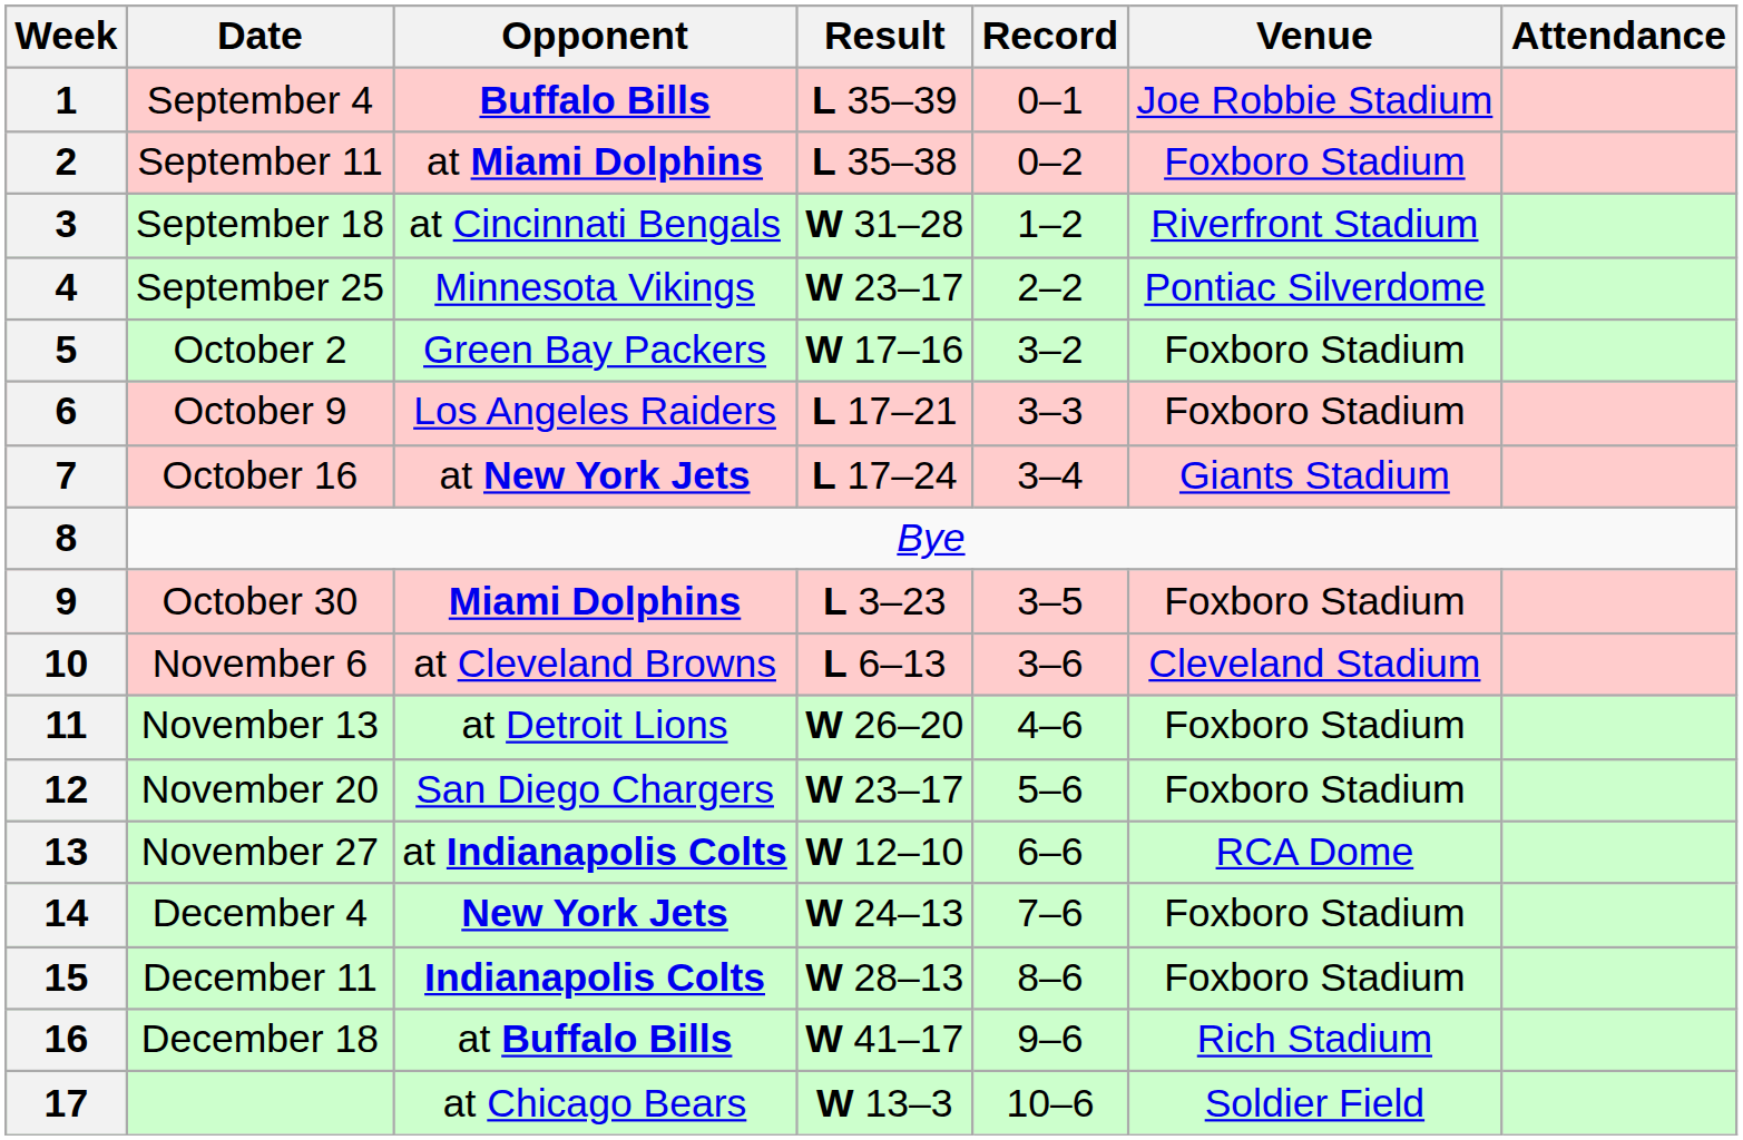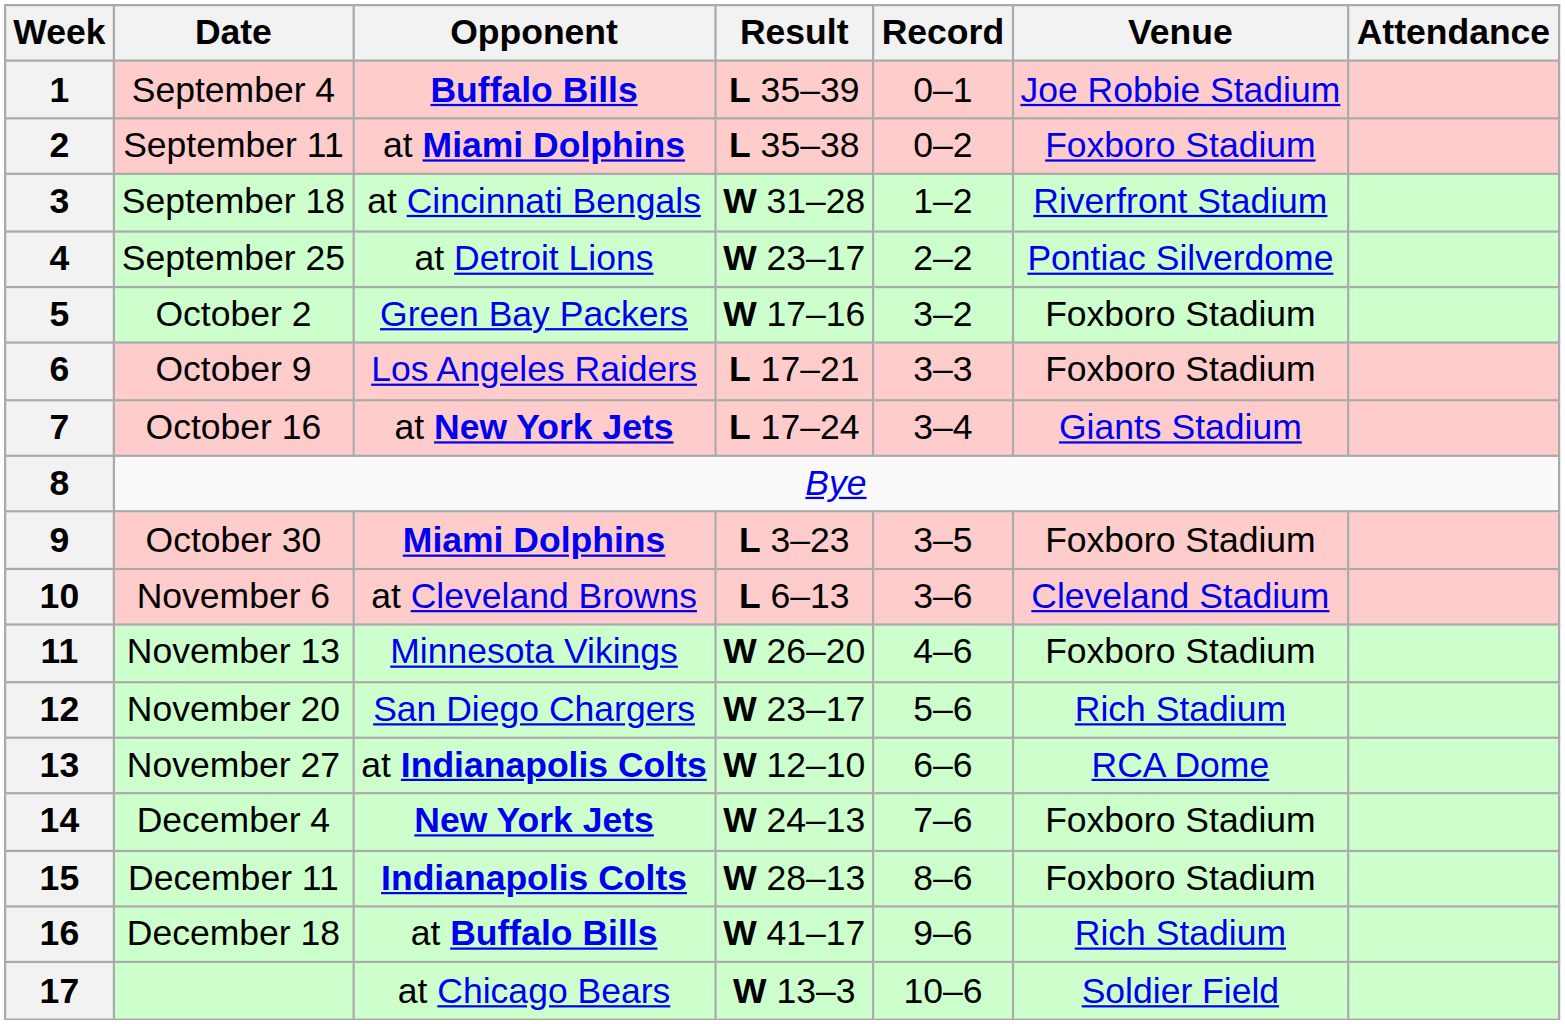 <table class="wikitable" style="text-align:center">
 <tr>
 <th>Week</th>
 <th>Date</th>
 <th>Opponent</th>
 <th>Result</th>
 <th>Record</th>
 <th>Venue</th>
 <th>Attendance</th>
 </tr>
 <tr style="background:#fcc">
 <th>1</th>
 <td>September 4</td>
 <td><strong><a href='#'>Buffalo Bills</a></strong></td>
 <td><strong>L</strong> 35–39</td>
 <td>0–1</td>
 <td><a href='#'>Joe Robbie Stadium</a></td>
 <td></td>
 </tr>
 <tr style="background: #fcc;">
 <th>2</th>
 <td>September 11</td>
 <td>at <strong><a href='#'>Miami Dolphins</a></strong></td>
 <td><strong>L</strong> 35–38</td>
 <td>0–2</td>
 <td><a href='#'>Foxboro Stadium</a></td>
 <td></td>
 </tr>
 <tr style="background: #cfc;">
 <th>3</th>
 <td>September 18</td>
 <td>at <a href='#'>Cincinnati Bengals</a></td>
 <td><strong>W</strong> 31–28</td>
 <td>1–2</td>
 <td><a href='#'>Riverfront Stadium</a></td>
 <td></td>
 </tr>
 <tr style="background: #cfc;">
 <th>4</th>
 <td>September 25</td>
-<td><a href='#'>Minnesota Vikings</a></td>
+<td>at <a href='#'>Detroit Lions</a></td>
 <td><strong>W</strong> 23–17</td>
 <td>2–2</td>
 <td><a href='#'>Pontiac Silverdome</a></td>
 <td></td>
 </tr>
 <tr style="background: #cfc;">
 <th>5</th>
 <td>October 2</td>
 <td><a href='#'>Green Bay Packers</a></td>
 <td><strong>W</strong> 17–16</td>
 <td>3–2</td>
 <td>Foxboro Stadium</td>
 <td></td>
 </tr>
 <tr style="background: #fcc;">
 <th>6</th>
 <td>October 9</td>
 <td><a href='#'>Los Angeles Raiders</a></td>
 <td><strong>L</strong> 17–21</td>
 <td>3–3</td>
 <td>Foxboro Stadium</td>
 <td></td>
 </tr>
 <tr style="background: #fcc;">
 <th>7</th>
 <td>October 16</td>
 <td>at <strong><a href='#'>New York Jets</a></strong></td>
 <td><strong>L</strong> 17–24</td>
 <td>3–4</td>
 <td><a href='#'>Giants Stadium</a></td>
 <td></td>
 </tr>
 <tr>
 <th>8</th>
 <td colspan="6"><em><a href='#'>Bye</a></em></td>
 </tr>
 <tr style="background: #fcc;">
 <th>9</th>
 <td>October 30</td>
 <td><strong><a href='#'>Miami Dolphins</a></strong></td>
 <td><strong>L</strong> 3–23</td>
 <td>3–5</td>
 <td>Foxboro Stadium</td>
 <td></td>
 </tr>
 <tr style="background: #fcc;">
 <th>10</th>
 <td>November 6</td>
 <td>at <a href='#'>Cleveland Browns</a></td>
 <td><strong>L</strong> 6–13</td>
 <td>3–6</td>
 <td><a href='#'>Cleveland Stadium</a></td>
 <td></td>
 </tr>
 <tr style="background: #cfc;">
 <th>11</th>
 <td>November 13</td>
-<td>at <a href='#'>Detroit Lions</a></td>
+<td><a href='#'>Minnesota Vikings</a></td>
 <td><strong>W</strong> 26–20 </td>
 <td>4–6</td>
 <td>Foxboro Stadium</td>
 <td></td>
 </tr>
 <tr style="background: #cfc;">
 <th>12</th>
 <td>November 20</td>
 <td><a href='#'>San Diego Chargers</a></td>
 <td><strong>W</strong> 23–17</td>
 <td>5–6</td>
-<td>Foxboro Stadium</td>
+<td><a href='#'>Rich Stadium</a></td>
 <td></td>
 </tr>
 <tr style="background: #cfc;">
 <th>13</th>
 <td>November 27</td>
 <td>at <strong><a href='#'>Indianapolis Colts</a></strong></td>
 <td><strong>W</strong> 12–10</td>
 <td>6–6</td>
 <td><a href='#'>RCA Dome</a></td>
 <td></td>
 </tr>
 <tr style="background: #cfc;">
 <th>14</th>
 <td>December 4</td>
 <td><strong><a href='#'>New York Jets</a></strong></td>
 <td><strong>W</strong> 24–13</td>
 <td>7–6</td>
 <td>Foxboro Stadium</td>
 <td></td>
 </tr>
 <tr style="background: #cfc;">
 <th>15</th>
 <td>December 11</td>
 <td><strong><a href='#'>Indianapolis Colts</a></strong></td>
 <td><strong>W</strong> 28–13</td>
 <td>8–6</td>
 <td>Foxboro Stadium</td>
 <td></td>
 </tr>
 <tr style="background: #cfc;">
 <th>16</th>
 <td>December 18</td>
 <td>at <strong><a href='#'>Buffalo Bills</a></strong></td>
 <td><strong>W</strong> 41–17</td>
 <td>9–6</td>
 <td><a href='#'>Rich Stadium</a></td>
 <td></td>
 </tr>
 <tr style="background: #cfc;">
 <th>17</th>
 <td></td>
 <td>at <a href='#'>Chicago Bears</a></td>
 <td><strong>W</strong> 13–3</td>
 <td>10–6</td>
 <td><a href='#'>Soldier Field</a></td>
 <td></td>
 </tr>
 </table>
